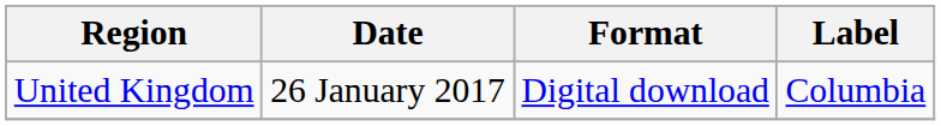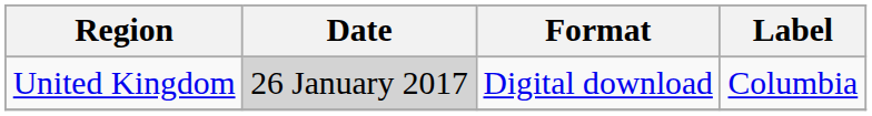 <table class=wikitable>
 <tr>
 <th>Region</th>
 <th>Date</th>
 <th>Format</th>
 <th>Label</th>
 </tr>
 <tr>
 <td><a href='#'>United Kingdom</a></td>
-<td>26 January 2017</td>
+<td style="background: lightgrey;">26 January 2017</td>
 <td><a href='#'>Digital download</a></td>
 <td><a href='#'>Columbia</a></td>
 </tr>
 <tr>
 </tr>
 </table>
